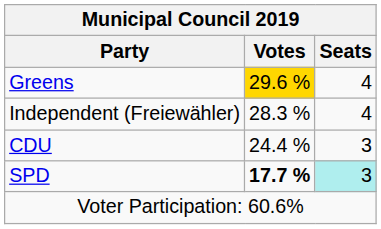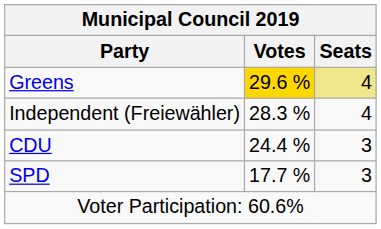 <table class=wikitable>
 <tr>
 <th colspan=6 align=center>Municipal Council 2019</th>
 </tr>
 <tr>
 <th>Party</th>
 <th>Votes</th>
 <th>Seats</th>
 </tr>
 <tr>
 <td><a href='#'>Greens</a></td>
 <td align=right style="background: gold;">29.6 %</td>
-<td align=right>4</td>
+<td align=right style="background: khaki;">4</td>
 </tr>
 <tr>
 <td>Independent (Freiewähler)</td>
 <td align=right>28.3 %</td>
 <td align=right>4</td>
 </tr>
 <tr>
 <td><a href='#'>CDU</a></td>
 <td align=right>24.4 %</td>
 <td align=right>3</td>
 </tr>
 <tr>
 <td><a href='#'>SPD</a></td>
-<td align=right><strong>17.7 %</strong></td>
-<td align=right style="background: paleturquoise;">3</td>
+<td align=right>17.7 %</td>
+<td align=right>3</td>
 </tr>
 <tr>
 <td colspan=6 align=center>Voter Participation: 60.6%</td>
 </tr>
 </table>
